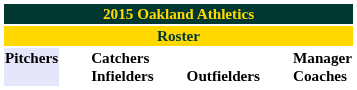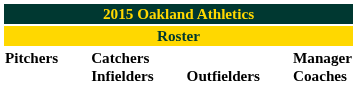 <table class="toccolours" style="font-size: 95%;">
 <tr>
 <th colspan="10" style="background:#003831; color:#ffd800; text-align:center;">2015 Oakland Athletics</th>
 </tr>
 <tr>
 <td colspan="10" style="background:#ffd800; color:#003831; text-align:center;"><strong>Roster</strong></td>
 </tr>
 <tr>
-<td valign="top" style="background: lavender;"><strong>Pitchers</strong><br>                            </td>
+<td valign="top"><strong>Pitchers</strong><br>                            </td>
 <td style="width:25px;"></td>
 <td valign="top"><strong>Catchers</strong><br>    <strong>Infielders</strong>           </td>
 <td style="width:25px;"></td>
 <td valign="top"><br><strong>Outfielders</strong>         </td>
 <td style="width:25px;"></td>
 <td valign="top"><strong>Manager</strong><br> <strong>Coaches</strong>              </td>
 </tr>
 </table>
